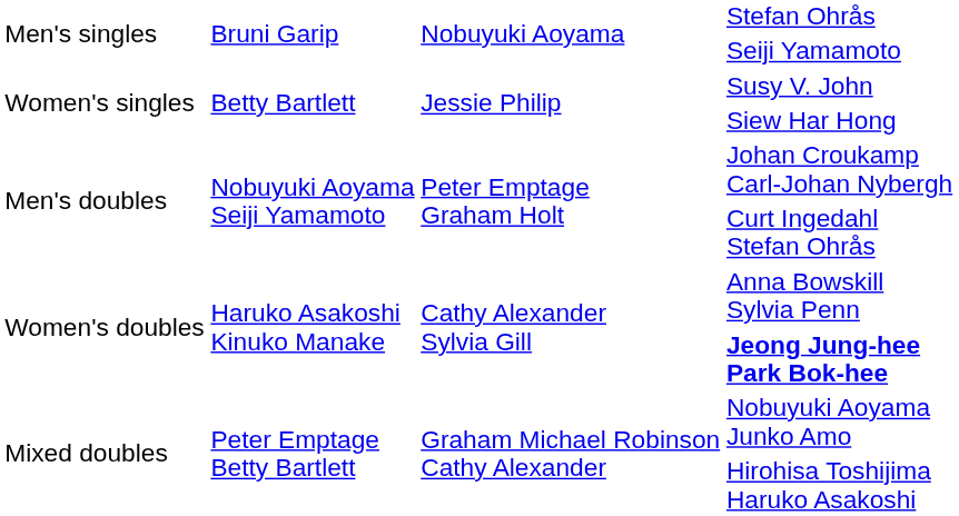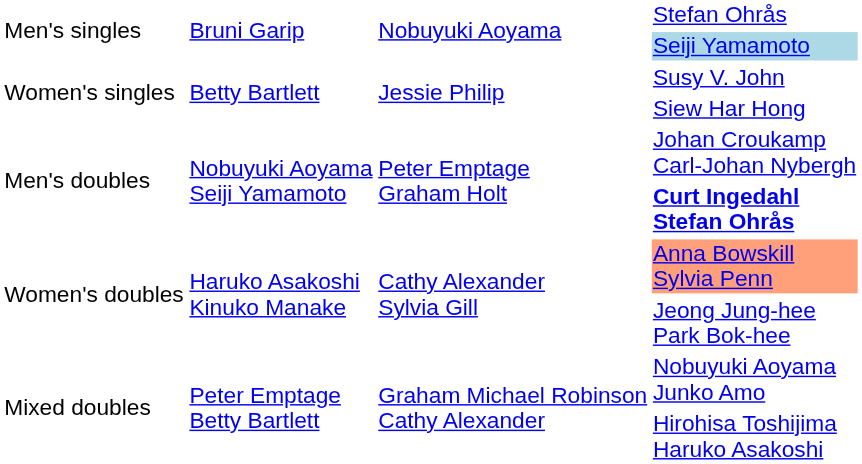 <table>
 <tr>
 <td rowspan="2">Men's singles</td>
 <td rowspan="2"> <a href='#'>Bruni Garip</a></td>
 <td rowspan="2"> <a href='#'>Nobuyuki Aoyama</a></td>
 <td> <a href='#'>Stefan Ohrås</a></td>
 </tr>
 <tr>
-<td> <a href='#'>Seiji Yamamoto</a></td>
+<td style="background: lightblue;"> <a href='#'>Seiji Yamamoto</a></td>
 </tr>
 <tr>
 <td rowspan="2">Women's singles</td>
 <td rowspan="2"> <a href='#'>Betty Bartlett</a></td>
 <td rowspan="2"> <a href='#'>Jessie Philip</a></td>
 <td> <a href='#'>Susy V. John</a></td>
 </tr>
 <tr>
 <td> <a href='#'>Siew Har Hong</a></td>
 </tr>
 <tr>
 <td rowspan="2">Men's doubles</td>
 <td rowspan="2"> <a href='#'>Nobuyuki Aoyama</a><br> <a href='#'>Seiji Yamamoto</a></td>
 <td rowspan="2"> <a href='#'>Peter Emptage</a><br> <a href='#'>Graham Holt</a></td>
 <td> <a href='#'>Johan Croukamp</a><br> <a href='#'>Carl-Johan Nybergh</a></td>
 </tr>
 <tr>
-<td> <a href='#'>Curt Ingedahl</a><br> <a href='#'>Stefan Ohrås</a></td>
+<td><strong> <a href='#'>Curt Ingedahl</a><br> <a href='#'>Stefan Ohrås</a></strong></td>
 </tr>
 <tr>
 <td rowspan="2">Women's doubles</td>
 <td rowspan="2"> <a href='#'>Haruko Asakoshi</a><br> <a href='#'>Kinuko Manake</a></td>
 <td rowspan="2"> <a href='#'>Cathy Alexander</a><br> <a href='#'>Sylvia Gill</a></td>
-<td> <a href='#'>Anna Bowskill</a><br> <a href='#'>Sylvia Penn</a></td>
+<td style="background: lightsalmon;"> <a href='#'>Anna Bowskill</a><br> <a href='#'>Sylvia Penn</a></td>
 </tr>
 <tr>
-<td><strong> <a href='#'>Jeong Jung-hee</a><br> <a href='#'>Park Bok-hee</a></strong></td>
+<td> <a href='#'>Jeong Jung-hee</a><br> <a href='#'>Park Bok-hee</a></td>
 </tr>
 <tr>
 <td rowspan="2">Mixed doubles</td>
 <td rowspan="2"> <a href='#'>Peter Emptage</a><br> <a href='#'>Betty Bartlett</a></td>
 <td rowspan="2"> <a href='#'>Graham Michael Robinson</a><br> <a href='#'>Cathy Alexander</a></td>
 <td> <a href='#'>Nobuyuki Aoyama</a><br> <a href='#'>Junko Amo</a></td>
 </tr>
 <tr>
 <td> <a href='#'>Hirohisa Toshijima</a><br> <a href='#'>Haruko Asakoshi</a></td>
 </tr>
 </table>
